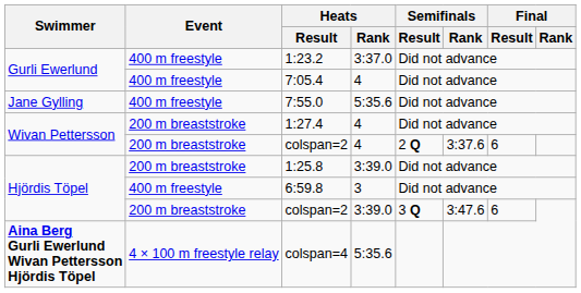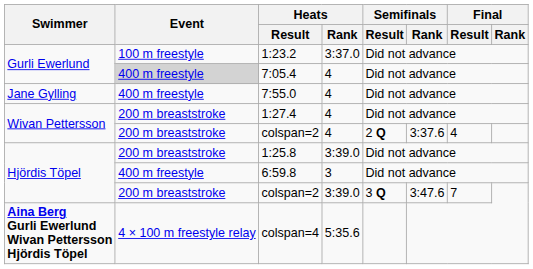 <table class=wikitable style="font-size:90%" style="text-align:center">
 <tr>
 <th rowspan=2>Swimmer</th>
 <th rowspan=2>Event</th>
 <th colspan=2>Heats</th>
 <th colspan=2>Semifinals</th>
 <th colspan=2>Final</th>
 </tr>
 <tr>
 <th>Result</th>
 <th>Rank</th>
 <th>Result</th>
 <th>Rank</th>
 <th>Result</th>
 <th>Rank</th>
 </tr>
 <tr>
 <td rowspan=2 align=left><a href='#'>Gurli Ewerlund</a></td>
-<td align=left><a href='#'>400 m freestyle</a></td>
+<td align=left><a href='#'>100 m freestyle</a></td>
 <td>1:23.2</td>
 <td>3:37.0</td>
 <td colspan=4>Did not advance</td>
 </tr>
 <tr>
-<td align=left><a href='#'>400 m freestyle</a></td>
+<td align=left style="background: lightgrey;"><a href='#'>400 m freestyle</a></td>
 <td>7:05.4</td>
 <td>4</td>
 <td colspan=4>Did not advance</td>
 </tr>
 <tr>
 <td align=left><a href='#'>Jane Gylling</a></td>
 <td align=left><a href='#'>400 m freestyle</a></td>
 <td>7:55.0</td>
-<td>5:35.6</td>
+<td>4</td>
 <td colspan=4>Did not advance</td>
 </tr>
 <tr>
 <td rowspan=2 align=left><a href='#'>Wivan Pettersson</a></td>
 <td align=left><a href='#'>200 m breaststroke</a></td>
 <td>1:27.4</td>
 <td>4</td>
 <td colspan=4>Did not advance</td>
 </tr>
 <tr>
 <td align=left><a href='#'>200 m breaststroke</a></td>
 <td>colspan=2 </td>
 <td>4</td>
 <td>2 <strong>Q</strong></td>
 <td>3:37.6</td>
-<td>6</td>
+<td>4</td>
 </tr>
 <tr>
 <td rowspan=3 align=left><a href='#'>Hjördis Töpel</a></td>
 <td align=left><a href='#'>200 m breaststroke</a></td>
 <td>1:25.8</td>
 <td>3:39.0</td>
 <td colspan=4>Did not advance</td>
 </tr>
 <tr>
 <td align=left><a href='#'>400 m freestyle</a></td>
 <td>6:59.8</td>
 <td>3</td>
 <td colspan=4>Did not advance</td>
 </tr>
 <tr>
 <td align=left><a href='#'>200 m breaststroke</a></td>
 <td>colspan=2 </td>
 <td>3:39.0</td>
 <td>3 <strong>Q</strong></td>
 <td>3:47.6</td>
-<td>6</td>
+<td>7</td>
 </tr>
 <tr>
 <td align=left><strong><a href='#'>Aina Berg</a> <br> Gurli Ewerlund <br> Wivan Pettersson <br> Hjördis Töpel</strong></td>
 <td align=left><a href='#'>4 × 100 m freestyle relay</a></td>
 <td>colspan=4 </td>
 <td>5:35.6</td>
 <td></td>
 </tr>
 </table>
